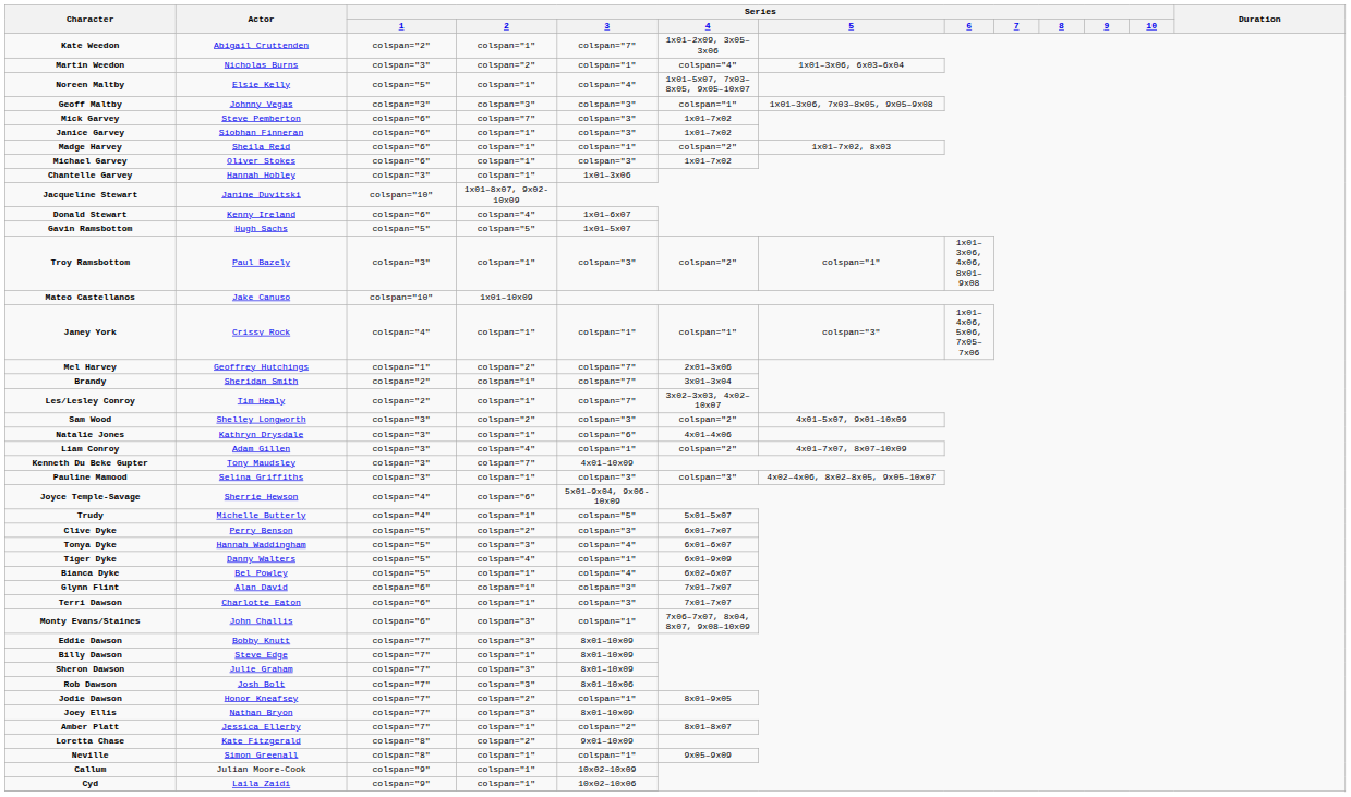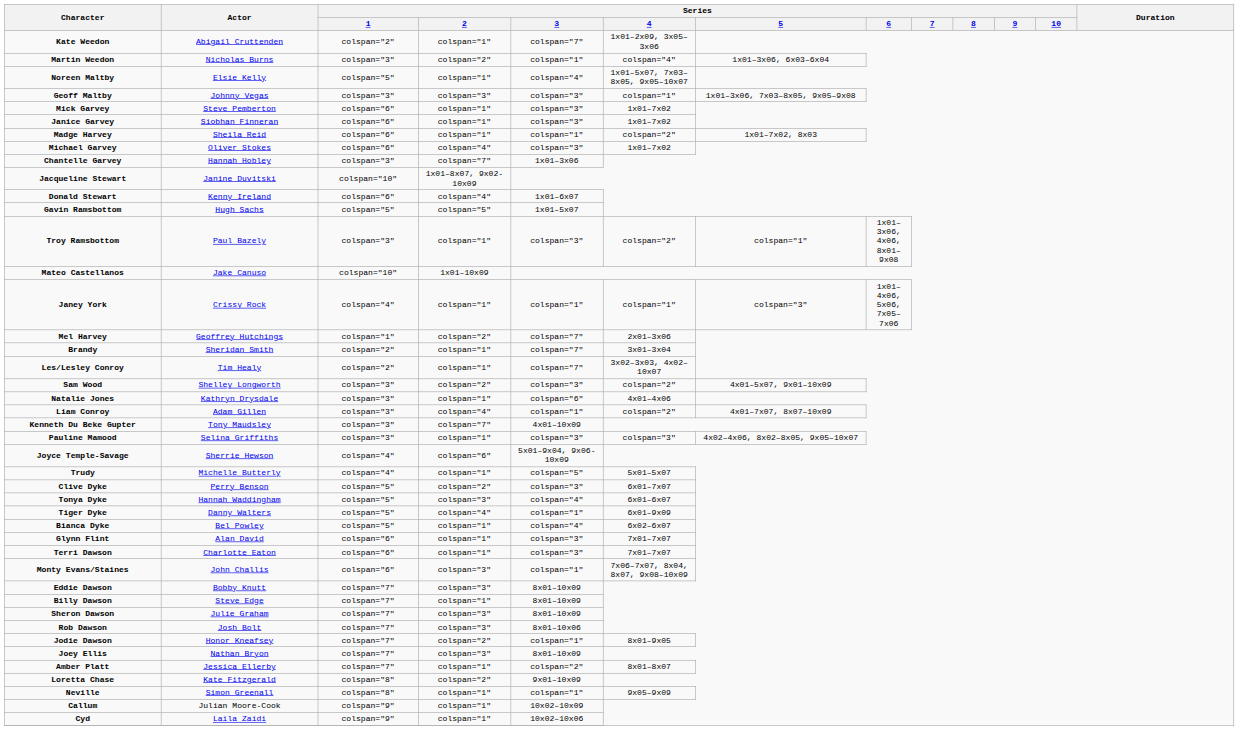 <table class="wikitable" style="text-align:center; width:100%;">
 <tr>
 <th rowspan="2" style="width:150px;">Character</th>
 <th rowspan="2" style="width:150px;">Actor</th>
 <th colspan="10">Series</th>
 <th rowspan="2" style="width:150px;">Duration</th>
 </tr>
 <tr>
 <th style="width:35px;"><a href='#'>1</a></th>
 <th style="width:35px;"><a href='#'>2</a></th>
 <th style="width:35px;"><a href='#'>3</a></th>
 <th style="width:35px;"><a href='#'>4</a></th>
 <th style="width:35px;"><a href='#'>5</a></th>
 <th style="width:35px;"><a href='#'>6</a></th>
 <th style="width:35px;"><a href='#'>7</a></th>
 <th style="width:35px;"><a href='#'>8</a></th>
 <th style="width:35px;"><a href='#'>9</a></th>
 <th style="width:35px;"><a href='#'>10</a></th>
 </tr>
 <tr>
 <td><strong>Kate Weedon</strong></td>
 <td><a href='#'>Abigail Cruttenden</a></td>
 <td>colspan="2" </td>
 <td>colspan="1" </td>
 <td>colspan="7" </td>
 <td>1x01–2x09, 3x05–3x06</td>
 </tr>
 <tr>
 <td><strong>Martin Weedon</strong></td>
 <td><a href='#'>Nicholas Burns</a></td>
 <td>colspan="3" </td>
 <td>colspan="2" </td>
 <td>colspan="1" </td>
 <td>colspan="4" </td>
 <td>1x01–3x06, 6x03–6x04</td>
 </tr>
 <tr>
 <td><strong>Noreen Maltby</strong></td>
 <td><a href='#'>Elsie Kelly</a></td>
 <td>colspan="5" </td>
 <td>colspan="1" </td>
 <td>colspan="4" </td>
 <td>1x01–5x07, 7x03–8x05, 9x05–10x07</td>
 </tr>
 <tr>
 <td><strong>Geoff Maltby </strong></td>
 <td><a href='#'>Johnny Vegas</a></td>
 <td>colspan="3" </td>
 <td>colspan="3" </td>
 <td>colspan="3" </td>
 <td>colspan="1" </td>
 <td>1x01–3x06, 7x03–8x05, 9x05–9x08</td>
 </tr>
 <tr>
 <td><strong>Mick Garvey</strong></td>
 <td><a href='#'>Steve Pemberton</a></td>
 <td>colspan="6" </td>
-<td>colspan="7" </td>
+<td>colspan="1" </td>
 <td>colspan="3" </td>
 <td>1x01–7x02</td>
 </tr>
 <tr>
 <td><strong>Janice Garvey</strong></td>
 <td><a href='#'>Siobhan Finneran</a></td>
 <td>colspan="6" </td>
 <td>colspan="1" </td>
 <td>colspan="3" </td>
 <td>1x01–7x02</td>
 </tr>
 <tr>
 <td><strong>Madge Harvey</strong></td>
 <td><a href='#'>Sheila Reid</a></td>
 <td>colspan="6" </td>
 <td>colspan="1" </td>
 <td>colspan="1" </td>
 <td>colspan="2" </td>
 <td>1x01–7x02, 8x03</td>
 </tr>
 <tr>
 <td><strong>Michael Garvey</strong></td>
 <td><a href='#'>Oliver Stokes</a></td>
 <td>colspan="6" </td>
-<td>colspan="1" </td>
+<td>colspan="4" </td>
 <td>colspan="3" </td>
 <td>1x01–7x02</td>
 </tr>
 <tr>
 <td><strong>Chantelle Garvey</strong></td>
 <td><a href='#'>Hannah Hobley</a></td>
 <td>colspan="3" </td>
-<td>colspan="1" </td>
+<td>colspan="7" </td>
 <td>1x01–3x06</td>
 </tr>
 <tr>
 <td><strong>Jacqueline Stewart</strong></td>
 <td><a href='#'>Janine Duvitski</a></td>
 <td>colspan="10" </td>
 <td>1x01–8x07, 9x02-10x09</td>
 </tr>
 <tr>
 <td><strong>Donald Stewart</strong></td>
 <td><a href='#'>Kenny Ireland</a></td>
 <td>colspan="6" </td>
 <td>colspan="4" </td>
 <td>1x01–6x07</td>
 </tr>
 <tr>
 <td><strong>Gavin Ramsbottom</strong></td>
 <td><a href='#'>Hugh Sachs</a></td>
 <td>colspan="5" </td>
 <td>colspan="5" </td>
 <td>1x01–5x07</td>
 </tr>
 <tr>
 <td><strong>Troy Ramsbottom</strong></td>
 <td><a href='#'>Paul Bazely</a></td>
 <td>colspan="3" </td>
 <td>colspan="1" </td>
 <td>colspan="3" </td>
 <td>colspan="2" </td>
 <td>colspan="1" </td>
 <td>1x01–3x06, 4x06, 8x01–9x08</td>
 </tr>
 <tr>
 <td><strong>Mateo Castellanos</strong></td>
 <td><a href='#'>Jake Canuso</a></td>
 <td>colspan="10" </td>
 <td>1x01–10x09</td>
 </tr>
 <tr>
 <td><strong>Janey York</strong></td>
 <td><a href='#'>Crissy Rock</a></td>
 <td>colspan="4" </td>
 <td>colspan="1" </td>
 <td>colspan="1" </td>
 <td>colspan="1" </td>
 <td>colspan="3" </td>
 <td>1x01–4x06, 5x06, 7x05–7x06</td>
 </tr>
 <tr>
 <td><strong>Mel Harvey</strong></td>
 <td><a href='#'>Geoffrey Hutchings</a></td>
 <td>colspan="1" </td>
 <td>colspan="2" </td>
 <td>colspan="7" </td>
 <td>2x01–3x06</td>
 </tr>
 <tr>
 <td><strong>Brandy</strong></td>
 <td><a href='#'>Sheridan Smith</a></td>
 <td>colspan="2" </td>
 <td>colspan="1" </td>
 <td>colspan="7" </td>
 <td>3x01–3x04</td>
 </tr>
 <tr>
 <td><strong>Les/Lesley Conroy</strong></td>
 <td><a href='#'>Tim Healy</a></td>
 <td>colspan="2" </td>
 <td>colspan="1" </td>
 <td>colspan="7" </td>
 <td>3x02–3x03, 4x02–10x07</td>
 </tr>
 <tr>
 <td><strong>Sam Wood</strong></td>
 <td><a href='#'>Shelley Longworth</a></td>
 <td>colspan="3" </td>
 <td>colspan="2" </td>
 <td>colspan="3" </td>
 <td>colspan="2" </td>
 <td>4x01–5x07, 9x01–10x09</td>
 </tr>
 <tr>
 <td><strong>Natalie Jones</strong></td>
 <td><a href='#'>Kathryn Drysdale</a></td>
 <td>colspan="3" </td>
 <td>colspan="1" </td>
 <td>colspan="6" </td>
 <td>4x01–4x06</td>
 </tr>
 <tr>
 <td><strong>Liam Conroy</strong></td>
 <td><a href='#'>Adam Gillen</a></td>
 <td>colspan="3" </td>
 <td>colspan="4" </td>
 <td>colspan="1" </td>
 <td>colspan="2" </td>
 <td nowrap>4x01–7x07, 8x07–10x09</td>
 </tr>
 <tr>
 <td><strong>Kenneth Du Beke Gupter</strong></td>
 <td><a href='#'>Tony Maudsley</a></td>
 <td>colspan="3" </td>
 <td>colspan="7" </td>
 <td>4x01–10x09</td>
 </tr>
 <tr>
 <td><strong>Pauline Mamood</strong></td>
 <td><a href='#'>Selina Griffiths</a></td>
 <td>colspan="3" </td>
 <td>colspan="1" </td>
 <td>colspan="3" </td>
 <td>colspan="3" </td>
 <td>4x02–4x06, 8x02–8x05, 9x05–10x07</td>
 </tr>
 <tr>
 <td><strong>Joyce Temple-Savage</strong></td>
 <td><a href='#'>Sherrie Hewson</a></td>
 <td>colspan="4" </td>
 <td>colspan="6" </td>
 <td>5x01–9x04, 9x06-10x09</td>
 </tr>
 <tr>
 <td><strong>Trudy</strong></td>
 <td><a href='#'>Michelle Butterly</a></td>
 <td>colspan="4" </td>
 <td>colspan="1" </td>
 <td>colspan="5" </td>
 <td>5x01–5x07</td>
 </tr>
 <tr>
 <td><strong>Clive Dyke</strong></td>
 <td><a href='#'>Perry Benson</a></td>
 <td>colspan="5" </td>
 <td>colspan="2" </td>
 <td>colspan="3" </td>
 <td>6x01–7x07</td>
 </tr>
 <tr>
 <td><strong>Tonya Dyke</strong></td>
 <td><a href='#'>Hannah Waddingham</a></td>
 <td>colspan="5" </td>
 <td>colspan="3" </td>
 <td>colspan="4" </td>
 <td>6x01–6x07</td>
 </tr>
 <tr>
 <td><strong>Tiger Dyke</strong></td>
 <td><a href='#'>Danny Walters</a></td>
 <td>colspan="5" </td>
 <td>colspan="4" </td>
 <td>colspan="1" </td>
 <td>6x01–9x09</td>
 </tr>
 <tr>
 <td><strong>Bianca Dyke</strong></td>
 <td><a href='#'>Bel Powley</a></td>
 <td>colspan="5" </td>
 <td>colspan="1" </td>
 <td>colspan="4" </td>
 <td>6x02–6x07</td>
 </tr>
 <tr>
 <td><strong>Glynn Flint</strong></td>
 <td><a href='#'>Alan David</a></td>
 <td>colspan="6" </td>
 <td>colspan="1" </td>
 <td>colspan="3" </td>
 <td>7x01–7x07</td>
 </tr>
 <tr>
 <td><strong>Terri Dawson</strong></td>
 <td><a href='#'>Charlotte Eaton</a></td>
 <td>colspan="6" </td>
 <td>colspan="1" </td>
 <td>colspan="3" </td>
 <td>7x01–7x07</td>
 </tr>
 <tr>
 <td><strong>Monty Evans/Staines</strong></td>
 <td><a href='#'>John Challis</a></td>
 <td>colspan="6" </td>
 <td>colspan="3" </td>
 <td>colspan="1" </td>
 <td>7x06–7x07, 8x04, 8x07, 9x08–10x09</td>
 </tr>
 <tr>
 <td><strong>Eddie Dawson</strong></td>
 <td><a href='#'>Bobby Knutt</a></td>
 <td>colspan="7" </td>
 <td>colspan="3" </td>
 <td>8x01–10x09</td>
 </tr>
 <tr>
 <td><strong>Billy Dawson</strong></td>
 <td><a href='#'>Steve Edge</a></td>
 <td>colspan="7" </td>
 <td>colspan="1" </td>
 <td>8x01–10x09</td>
 </tr>
 <tr>
 <td><strong>Sheron Dawson</strong></td>
 <td><a href='#'>Julie Graham</a></td>
 <td>colspan="7" </td>
 <td>colspan="3" </td>
 <td>8x01–10x09</td>
 </tr>
 <tr>
 <td><strong>Rob Dawson</strong></td>
 <td><a href='#'>Josh Bolt</a></td>
 <td>colspan="7" </td>
 <td>colspan="3" </td>
 <td>8x01–10x06</td>
 </tr>
 <tr>
 <td><strong>Jodie Dawson</strong></td>
 <td><a href='#'>Honor Kneafsey</a></td>
 <td>colspan="7" </td>
 <td>colspan="2" </td>
 <td>colspan="1" </td>
 <td>8x01–9x05</td>
 </tr>
 <tr>
 <td><strong>Joey Ellis</strong></td>
 <td><a href='#'>Nathan Bryon</a></td>
 <td>colspan="7" </td>
 <td>colspan="3" </td>
 <td>8x01–10x09</td>
 </tr>
 <tr>
 <td><strong>Amber Platt</strong></td>
 <td><a href='#'>Jessica Ellerby</a></td>
 <td>colspan="7" </td>
 <td>colspan="1" </td>
 <td>colspan="2" </td>
 <td>8x01–8x07</td>
 </tr>
 <tr>
 <td><strong>Loretta Chase</strong></td>
 <td><a href='#'>Kate Fitzgerald</a></td>
 <td>colspan="8" </td>
 <td>colspan="2" </td>
 <td>9x01–10x09</td>
 </tr>
 <tr>
 <td><strong>Neville</strong></td>
 <td><a href='#'>Simon Greenall</a></td>
 <td>colspan="8" </td>
 <td>colspan="1" </td>
 <td>colspan="1" </td>
 <td>9x05–9x09</td>
 </tr>
 <tr>
 <td><strong>Callum</strong></td>
 <td>Julian Moore-Cook</td>
 <td>colspan="9" </td>
 <td>colspan="1" </td>
 <td>10x02–10x09</td>
 </tr>
 <tr>
 <td><strong>Cyd</strong></td>
 <td><a href='#'>Laila Zaidi</a></td>
 <td>colspan="9" </td>
 <td>colspan="1" </td>
 <td>10x02–10x06</td>
 </tr>
 <tr>
 </tr>
 </table>
